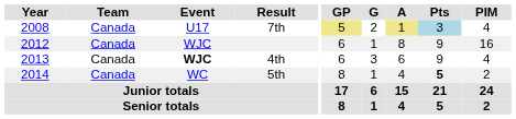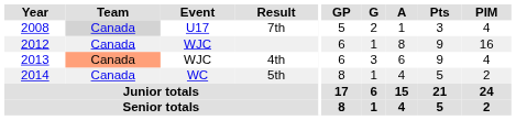 <table border="0" cellpadding="1" cellspacing="0" ID="Table3" style="text-align:center; width:40em">
 <tr ALIGN="center" bgcolor="#e0e0e0">
 <th>Year</th>
 <th>Team</th>
 <th>Event</th>
 <th>Result</th>
 <th rowspan="99" bgcolor="#ffffff"></th>
 <th>GP</th>
 <th>G</th>
 <th>A</th>
 <th>Pts</th>
 <th>PIM</th>
 </tr>
 <tr>
 <td><a href='#'>2008</a></td>
-<td><a href='#'>Canada</a></td>
+<td style="background: lightgrey;"><a href='#'>Canada</a></td>
 <td><a href='#'>U17</a></td>
 <td>7th</td>
-<td style="background: khaki;">5</td>
+<td>5</td>
 <td>2</td>
-<td style="background: khaki;">1</td>
-<td style="background: lightblue;">3</td>
+<td>1</td>
+<td>3</td>
 <td>4</td>
 </tr>
 <tr ALIGN="center"  bgcolor="#f0f0f0">
 <td><a href='#'>2012</a></td>
 <td><a href='#'>Canada</a></td>
 <td><a href='#'>WJC</a></td>
 <td></td>
 <td>6</td>
 <td>1</td>
 <td>8</td>
 <td>9</td>
 <td>16</td>
 </tr>
 <tr ALIGN="center">
 <td><a href='#'>2013</a></td>
-<td>Canada</td>
-<td><strong>WJC</strong></td>
+<td style="background: lightsalmon;">Canada</td>
+<td>WJC</td>
 <td>4th</td>
 <td>6</td>
 <td>3</td>
 <td>6</td>
 <td>9</td>
 <td>4</td>
 </tr>
 <tr ALIGN="center"  bgcolor="#f0f0f0">
 <td><a href='#'>2014</a></td>
 <td><a href='#'>Canada</a></td>
 <td><a href='#'>WC</a></td>
 <td>5th</td>
 <td>8</td>
 <td>1</td>
 <td>4</td>
-<td><strong>5</strong></td>
+<td>5</td>
 <td>2</td>
 </tr>
 <tr bgcolor="#e0e0e0">
 <th colspan="4">Junior totals</th>
 <th>17</th>
 <th>6</th>
 <th>15</th>
 <th>21</th>
 <th>24</th>
 </tr>
 <tr bgcolor="#e0e0e0">
 <th colspan="4">Senior totals</th>
 <th>8</th>
 <th>1</th>
 <th>4</th>
 <th>5</th>
 <th>2</th>
 </tr>
 </table>
